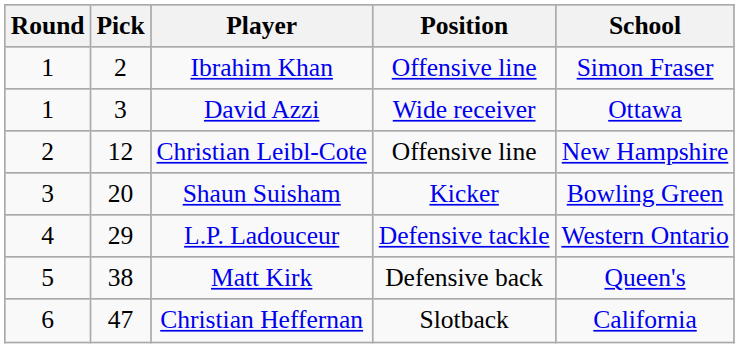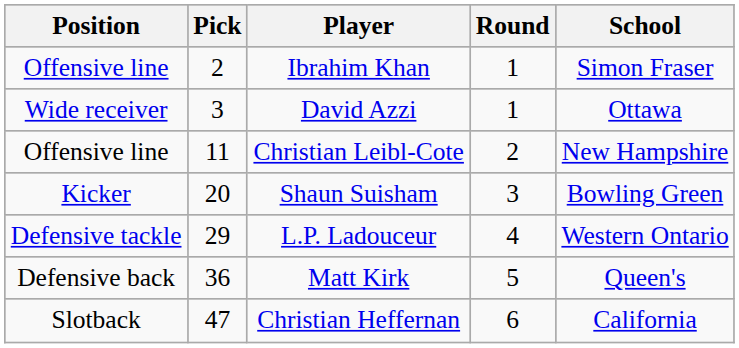 <table class="wikitable" style="font-size: 95%;">
 <tr>
-<th scope="col">Round</th>
+<th scope="col">Position</th>
 <th scope="col">Pick</th>
 <th scope="col">Player</th>
-<th scope="col">Position</th>
+<th scope="col">Round</th>
 <th scope="col">School</th>
 </tr>
 <tr align="center">
-<td align=center>1</td>
+<td><a href='#'>Offensive line</a></td>
 <td>2</td>
 <td><a href='#'>Ibrahim Khan</a></td>
-<td><a href='#'>Offensive line</a></td>
+<td align=center>1</td>
 <td><a href='#'>Simon Fraser</a></td>
 </tr>
 <tr align="center">
-<td align=center>1</td>
+<td><a href='#'>Wide receiver</a></td>
 <td>3</td>
 <td><a href='#'>David Azzi</a></td>
-<td><a href='#'>Wide receiver</a></td>
+<td align=center>1</td>
 <td><a href='#'>Ottawa</a></td>
 </tr>
 <tr align="center">
+<td>Offensive line</td>
+<td>11</td>
+<td><a href='#'>Christian Leibl-Cote</a></td>
 <td align=center>2</td>
-<td>12</td>
-<td><a href='#'>Christian Leibl-Cote</a></td>
-<td>Offensive line</td>
 <td><a href='#'>New Hampshire</a></td>
 </tr>
 <tr align="center">
-<td align=center>3</td>
+<td><a href='#'>Kicker</a></td>
 <td>20</td>
 <td><a href='#'>Shaun Suisham</a></td>
-<td><a href='#'>Kicker</a></td>
+<td align=center>3</td>
 <td><a href='#'>Bowling Green</a></td>
 </tr>
 <tr align="center">
-<td align=center>4</td>
+<td><a href='#'>Defensive tackle</a></td>
 <td>29</td>
 <td><a href='#'>L.P. Ladouceur</a></td>
-<td><a href='#'>Defensive tackle</a></td>
+<td align=center>4</td>
 <td><a href='#'>Western Ontario</a></td>
 </tr>
 <tr align="center">
+<td>Defensive back</td>
+<td>36</td>
+<td><a href='#'>Matt Kirk</a></td>
 <td align=center>5</td>
-<td>38</td>
-<td><a href='#'>Matt Kirk</a></td>
-<td>Defensive back</td>
 <td><a href='#'>Queen's</a></td>
 </tr>
 <tr align="center">
-<td align=center>6</td>
+<td>Slotback</td>
 <td>47</td>
 <td><a href='#'>Christian Heffernan</a></td>
-<td>Slotback</td>
+<td align=center>6</td>
 <td><a href='#'>California</a></td>
 </tr>
 </table>
